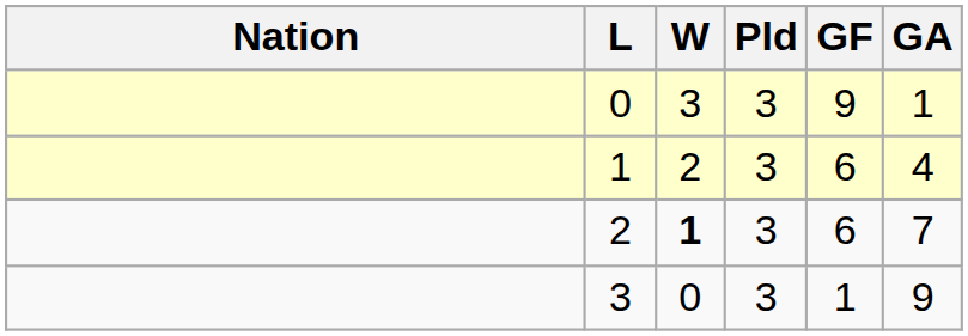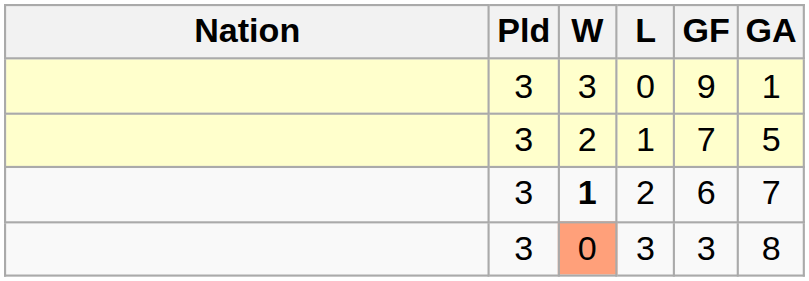 <table class=wikitable style="text-align:center">
 <tr>
 <th width=220>Nation</th>
+<th width=20>Pld</th>
+<th width=20>W</th>
 <th width=20>L</th>
-<th width=20>W</th>
-<th width=20>Pld</th>
 <th width=20>GF</th>
 <th width=20>GA</th>
 </tr>
 <tr bgcolor=#ffffcc>
 <td align=left></td>
-<td>0</td>
 <td>3</td>
 <td>3</td>
+<td>0</td>
 <td>9</td>
 <td>1</td>
 </tr>
 <tr bgcolor=#ffffcc>
 <td align=left></td>
+<td>3</td>
+<td>2</td>
 <td>1</td>
-<td>2</td>
-<td>3</td>
-<td>6</td>
-<td>4</td>
+<td>7</td>
+<td>5</td>
 </tr>
 <tr>
 <td align=left></td>
+<td>3</td>
+<td><strong>1</strong></td>
 <td>2</td>
-<td><strong>1</strong></td>
-<td>3</td>
 <td>6</td>
 <td>7</td>
 </tr>
 <tr>
 <td align=left></td>
 <td>3</td>
-<td>0</td>
+<td style="background: lightsalmon;">0</td>
 <td>3</td>
-<td>1</td>
-<td>9</td>
+<td>3</td>
+<td>8</td>
 </tr>
 </table>
